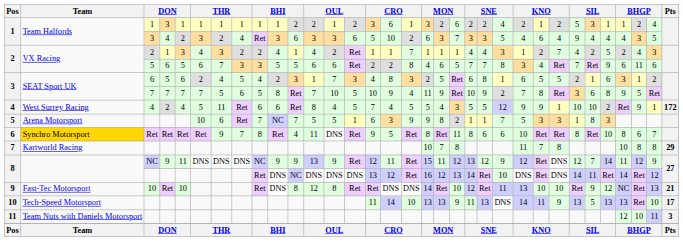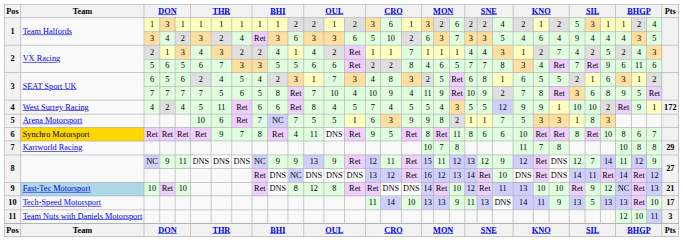 <table class="wikitable" style="font-size: 85%; text-align: center;">
 <tr valign="top">
 <th valign="middle">Pos</th>
 <th valign="middle">Team</th>
 <th colspan="3"><a href='#'>DON</a></th>
 <th colspan="3"><a href='#'>THR</a></th>
 <th colspan="3"><a href='#'>BHI</a></th>
 <th colspan="3"><a href='#'>OUL</a></th>
 <th colspan="3"><a href='#'>CRO</a></th>
 <th colspan="3"><a href='#'>MON</a></th>
 <th colspan="3"><a href='#'>SNE</a></th>
 <th colspan="3"><a href='#'>KNO</a></th>
 <th colspan="3"><a href='#'>SIL</a></th>
 <th colspan="3"><a href='#'>BHGP</a></th>
 <th valign=middle>Pts</th>
 </tr>
 <tr>
 <th rowspan=2>1</th>
 <td rowspan=2 align=left><a href='#'>Team Halfords</a></td>
 <td style="background:#FFFFBF;">1</td>
 <td style="background:#FFDF9F;">3</td>
 <td style="background:#FFFFBF;">1</td>
 <td style="background:#FFFFBF;">1</td>
 <td style="background:#FFFFBF;">1</td>
 <td style="background:#FFFFBF;">1</td>
 <td style="background:#FFFFBF;">1</td>
 <td style="background:#FFFFBF;">1</td>
 <td style="background:#DFDFDF;">2</td>
 <td style="background:#DFDFDF;">2</td>
 <td style="background:#FFFFBF;">1</td>
 <td style="background:#DFDFDF;">2</td>
 <td style="background:#FFDF9F;">3</td>
 <td style="background:#DFFFDF;">6</td>
 <td style="background:#FFFFBF;">1</td>
 <td style="background:#FFDF9F;">3</td>
 <td style="background:#DFDFDF;">2</td>
 <td style="background:#DFFFDF;">6</td>
 <td style="background:#DFDFDF;">2</td>
 <td style="background:#DFDFDF;">2</td>
 <td style="background:#DFFFDF;">4</td>
 <td style="background:#DFDFDF;">2</td>
 <td style="background:#FFFFBF;">1</td>
 <td style="background:#DFDFDF;">2</td>
 <td style="background:#DFFFDF;">5</td>
 <td style="background:#FFDF9F;">3</td>
 <td style="background:#FFFFBF;">1</td>
 <td style="background:#FFFFBF;">1</td>
 <td style="background:#DFDFDF;">2</td>
 <td style="background:#DFFFDF;">4</td>
 <th rowspan=2></th>
 </tr>
 <tr>
 <td style="background:#FFDF9F;">3</td>
 <td style="background:#DFFFDF;">4</td>
 <td style="background:#DFDFDF;">2</td>
 <td style="background:#FFDF9F;">3</td>
 <td style="background:#DFDFDF;">2</td>
 <td style="background:#DFFFDF;">4</td>
 <td style="background:#EFCFFF;">Ret</td>
 <td style="background:#FFDF9F;">3</td>
 <td style="background:#DFFFDF;">6</td>
 <td style="background:#FFDF9F;">3</td>
 <td style="background:#FFDF9F;">3</td>
 <td style="background:#DFFFDF;">6</td>
 <td style="background:#DFFFDF;">5</td>
 <td style="background:#DFFFDF;">10</td>
 <td style="background:#DFDFDF;">2</td>
 <td style="background:#DFFFDF;">6</td>
 <td style="background:#FFDF9F;">3</td>
 <td style="background:#DFFFDF;">7</td>
 <td style="background:#FFDF9F;">3</td>
 <td style="background:#FFDF9F;">3</td>
 <td style="background:#DFFFDF;">5</td>
 <td style="background:#DFFFDF;">4</td>
 <td style="background:#DFFFDF;">6</td>
 <td style="background:#DFFFDF;">4</td>
 <td style="background:#DFFFDF;">9</td>
 <td style="background:#DFFFDF;">4</td>
 <td style="background:#DFFFDF;">4</td>
 <td style="background:#DFFFDF;">4</td>
 <td style="background:#FFDF9F;">3</td>
 <td style="background:#DFFFDF;">5</td>
 </tr>
 <tr>
 <th rowspan=2>2</th>
 <td rowspan=2 align=left><a href='#'>VX Racing</a></td>
 <td style="background:#DFDFDF;">2</td>
 <td style="background:#FFFFBF;">1</td>
 <td style="background:#FFDF9F;">3</td>
 <td style="background:#DFFFDF;">4</td>
 <td style="background:#FFDF9F;">3</td>
 <td style="background:#DFDFDF;">2</td>
 <td style="background:#DFDFDF;">2</td>
 <td style="background:#DFFFDF;">4</td>
 <td style="background:#FFFFBF;">1</td>
 <td style="background:#DFFFDF;">4</td>
 <td style="background:#DFDFDF;">2</td>
 <td style="background:#EFCFFF;">Ret</td>
 <td style="background:#FFFFBF;">1</td>
 <td style="background:#FFFFBF;">1</td>
 <td style="background:#DFFFDF;">7</td>
 <td style="background:#FFFFBF;">1</td>
 <td style="background:#FFFFBF;">1</td>
 <td style="background:#FFFFBF;">1</td>
 <td style="background:#DFFFDF;">4</td>
 <td style="background:#DFFFDF;">4</td>
 <td style="background:#FFDF9F;">3</td>
 <td style="background:#FFFFBF;">1</td>
 <td style="background:#DFDFDF;">2</td>
 <td style="background:#DFFFDF;">7</td>
 <td style="background:#DFFFDF;">4</td>
 <td style="background:#DFDFDF;">2</td>
 <td style="background:#DFFFDF;">5</td>
 <td style="background:#DFDFDF;">2</td>
 <td style="background:#DFFFDF;">4</td>
 <td style="background:#FFDF9F;">3</td>
 <th rowspan=2></th>
 </tr>
 <tr>
 <td style="background:#DFFFDF;">5</td>
 <td style="background:#DFFFDF;">6</td>
 <td style="background:#DFFFDF;">5</td>
 <td style="background:#DFFFDF;">6</td>
 <td style="background:#DFFFDF;">7</td>
 <td style="background:#FFDF9F;">3</td>
 <td style="background:#FFDF9F;">3</td>
 <td style="background:#DFFFDF;">5</td>
 <td style="background:#DFFFDF;">5</td>
 <td style="background:#DFFFDF;">6</td>
 <td style="background:#DFFFDF;">6</td>
 <td style="background:#EFCFFF;">Ret</td>
 <td style="background:#DFDFDF;">2</td>
 <td style="background:#DFDFDF;">2</td>
 <td style="background:#DFFFDF;">8</td>
 <td style="background:#DFFFDF;">4</td>
 <td style="background:#DFFFDF;">6</td>
 <td style="background:#DFFFDF;">5</td>
 <td style="background:#DFFFDF;">7</td>
 <td style="background:#DFFFDF;">7</td>
 <td style="background:#DFFFDF;">8</td>
 <td style="background:#FFDF9F;">3</td>
 <td style="background:#DFFFDF;">4</td>
 <td style="background:#EFCFFF;">Ret</td>
 <td style="background:#DFFFDF;">7</td>
 <td style="background:#EFCFFF;">Ret</td>
 <td style="background:#DFFFDF;">9</td>
 <td style="background:#DFFFDF;">6</td>
 <td style="background:#DFFFDF;">11</td>
 <td style="background:#DFFFDF;">6</td>
 </tr>
 <tr>
 <th rowspan=2>3</th>
 <td rowspan=2 align=left><a href='#'>SEAT Sport UK</a></td>
 <td style="background:#DFFFDF;">6</td>
 <td style="background:#DFFFDF;">5</td>
 <td style="background:#DFFFDF;">6</td>
 <td style="background:#DFDFDF;">2</td>
 <td style="background:#DFFFDF;">4</td>
 <td style="background:#DFFFDF;">5</td>
 <td style="background:#DFFFDF;">4</td>
 <td style="background:#DFDFDF;">2</td>
 <td style="background:#FFDF9F;">3</td>
 <td style="background:#FFFFBF;">1</td>
 <td style="background:#DFFFDF;">7</td>
 <td style="background:#FFDF9F;">3</td>
 <td style="background:#DFFFDF;">4</td>
 <td style="background:#DFFFDF;">8</td>
 <td style="background:#FFDF9F;">3</td>
 <td style="background:#DFDFDF;">2</td>
 <td style="background:#DFFFDF;">5</td>
 <td style="background:#EFCFFF;">Ret</td>
 <td style="background:#DFFFDF;">6</td>
 <td style="background:#DFFFDF;">8</td>
 <td style="background:#FFFFBF;">1</td>
 <td style="background:#DFFFDF;">6</td>
 <td style="background:#DFFFDF;">5</td>
 <td style="background:#DFFFDF;">5</td>
 <td style="background:#DFDFDF;">2</td>
 <td style="background:#FFFFBF;">1</td>
 <td style="background:#DFFFDF;">6</td>
 <td style="background:#FFDF9F;">3</td>
 <td style="background:#FFFFBF;">1</td>
 <td style="background:#DFDFDF;">2</td>
 <th rowspan=2></th>
 </tr>
 <tr>
 <td style="background:#DFFFDF;">7</td>
 <td style="background:#DFFFDF;">7</td>
 <td style="background:#DFFFDF;">7</td>
 <td style="background:#DFFFDF;">7</td>
 <td style="background:#DFFFDF;">5</td>
 <td style="background:#DFFFDF;">6</td>
 <td style="background:#DFFFDF;">5</td>
 <td style="background:#DFFFDF;">8</td>
 <td style="background:#EFCFFF;">Ret</td>
 <td style="background:#DFFFDF;">7</td>
 <td style="background:#DFFFDF;">10</td>
-<td style="background:#DFFFDF;">5</td>
+<td style="background:#DFFFDF;">4</td>
 <td style="background:#DFFFDF;">10</td>
 <td style="background:#DFFFDF;">9</td>
 <td style="background:#DFFFDF;">4</td>
 <td style="background:#DFFFDF;">11</td>
 <td style="background:#DFFFDF;">9</td>
 <td style="background:#EFCFFF;">Ret</td>
 <td style="background:#DFFFDF;">10</td>
 <td style="background:#DFFFDF;">9</td>
 <td style="background:#DFDFDF;">2</td>
 <td style="background:#DFFFDF;">7</td>
 <td style="background:#DFFFDF;">8</td>
 <td style="background:#EFCFFF;">Ret</td>
 <td style="background:#FFDF9F;">3</td>
 <td style="background:#DFFFDF;">6</td>
 <td style="background:#DFFFDF;">8</td>
 <td style="background:#DFFFDF;">9</td>
 <td style="background:#DFFFDF;">5</td>
 <td style="background:#EFCFFF;">Ret</td>
 </tr>
 <tr>
 <th>4</th>
 <td align=left><a href='#'>West Surrey Racing</a></td>
 <td style="background:#DFFFDF;">4</td>
 <td style="background:#DFDFDF;">2</td>
 <td style="background:#DFFFDF;">4</td>
 <td style="background:#DFFFDF;">5</td>
 <td style="background:#DFFFDF;">11</td>
 <td style="background:#EFCFFF;">Ret</td>
 <td style="background:#DFFFDF;">6</td>
 <td style="background:#DFFFDF;">6</td>
 <td style="background:#EFCFFF;">Ret</td>
 <td style="background:#DFFFDF;">8</td>
 <td style="background:#DFFFDF;">4</td>
 <td style="background:#DFFFDF;">5</td>
 <td style="background:#DFFFDF;">7</td>
 <td style="background:#DFFFDF;">4</td>
 <td style="background:#DFFFDF;">5</td>
 <td style="background:#DFFFDF;">5</td>
 <td style="background:#DFFFDF;">4</td>
 <td style="background:#FFDF9F;">3</td>
 <td style="background:#DFFFDF;">5</td>
 <td style="background:#DFFFDF;">5</td>
 <td style="background:#CFCFFF;">12</td>
 <td style="background:#DFFFDF;">9</td>
 <td style="background:#DFFFDF;">9</td>
 <td style="background:#FFFFBF;">1</td>
 <td style="background:#DFFFDF;">10</td>
 <td style="background:#DFFFDF;">10</td>
 <td style="background:#DFDFDF;">2</td>
 <td style="background:#EFCFFF;">Ret</td>
 <td style="background:#DFFFDF;">9</td>
 <td style="background:#FFFFBF;">1</td>
 <th>172</th>
 </tr>
 <tr>
 <th>5</th>
 <td align=left><a href='#'>Arena Motorsport</a></td>
 <td></td>
 <td></td>
 <td></td>
 <td style="background:#DFFFDF;">10</td>
 <td style="background:#DFFFDF;">6</td>
 <td style="background:#EFCFFF;">Ret</td>
 <td style="background:#DFFFDF;">7</td>
 <td style="background:#CFCFFF;">NC</td>
 <td style="background:#DFFFDF;">7</td>
 <td style="background:#DFFFDF;">5</td>
 <td style="background:#DFFFDF;">5</td>
 <td style="background:#FFFFBF;">1</td>
 <td style="background:#DFFFDF;">6</td>
 <td style="background:#FFDF9F;">3</td>
 <td style="background:#DFFFDF;">9</td>
 <td style="background:#DFFFDF;">9</td>
 <td style="background:#DFFFDF;">8</td>
 <td style="background:#DFDFDF;">2</td>
 <td style="background:#FFFFBF;">1</td>
 <td style="background:#FFFFBF;">1</td>
 <td style="background:#DFFFDF;">7</td>
 <td style="background:#DFFFDF;">5</td>
 <td style="background:#FFDF9F;">3</td>
 <td style="background:#FFDF9F;">3</td>
 <td style="background:#FFFFBF;">1</td>
 <td style="background:#DFFFDF;">8</td>
 <td style="background:#FFDF9F;">3</td>
 <td></td>
 <td></td>
 <td></td>
 <th></th>
 </tr>
 <tr>
 <th>6</th>
 <td align=left style="background: gold;">Synchro Motorsport</td>
 <td style="background:#EFCFFF;">Ret</td>
 <td style="background:#EFCFFF;">Ret</td>
 <td style="background:#EFCFFF;">Ret</td>
 <td style="background:#EFCFFF;">Ret</td>
 <td style="background:#DFFFDF;">9</td>
 <td style="background:#DFFFDF;">7</td>
 <td style="background:#DFFFDF;">8</td>
 <td style="background:#EFCFFF;">Ret</td>
 <td style="background:#DFFFDF;">4</td>
 <td style="background:#DFFFDF;">11</td>
 <td style="background:#ffffff;">DNS</td>
 <td style="background:#EFCFFF;">Ret</td>
 <td style="background:#DFFFDF;">9</td>
 <td style="background:#DFFFDF;">5</td>
 <td style="background:#EFCFFF;">Ret</td>
 <td style="background:#DFFFDF;">8</td>
 <td style="background:#EFCFFF;">Ret</td>
 <td style="background:#DFFFDF;">11</td>
 <td style="background:#DFFFDF;">8</td>
 <td style="background:#DFFFDF;">6</td>
 <td style="background:#DFFFDF;">6</td>
 <td style="background:#DFFFDF;">10</td>
 <td style="background:#EFCFFF;">Ret</td>
 <td style="background:#EFCFFF;">Ret</td>
 <td style="background:#DFFFDF;">8</td>
 <td style="background:#EFCFFF;">Ret</td>
 <td style="background:#DFFFDF;">10</td>
 <td style="background:#DFFFDF;">8</td>
 <td style="background:#DFFFDF;">6</td>
 <td style="background:#DFFFDF;">7</td>
 <th></th>
 </tr>
 <tr>
 <th>7</th>
 <td align=left><a href='#'>Kartworld Racing</a></td>
 <td></td>
 <td></td>
 <td></td>
 <td></td>
 <td></td>
 <td></td>
 <td></td>
 <td></td>
 <td></td>
 <td></td>
 <td></td>
 <td></td>
 <td></td>
 <td></td>
 <td></td>
 <td style="background:#DFFFDF;">10</td>
 <td style="background:#DFFFDF;">7</td>
 <td style="background:#DFFFDF;">8</td>
 <td></td>
 <td></td>
 <td></td>
 <td style="background:#DFFFDF;">11</td>
 <td style="background:#DFFFDF;">7</td>
 <td style="background:#DFFFDF;">8</td>
 <td></td>
 <td></td>
 <td></td>
 <td style="background:#DFFFDF;">10</td>
 <td style="background:#DFFFDF;">8</td>
 <td style="background:#DFFFDF;">8</td>
 <th>29</th>
 </tr>
 <tr>
 <th rowspan=2>8</th>
 <td rowspan=2 align=left nowrap></td>
 <td style="background:#CFCFFF;">NC</td>
 <td style="background:#DFFFDF;">9</td>
 <td style="background:#DFFFDF;">11</td>
 <td style="background:#ffffff;">DNS</td>
 <td style="background:#ffffff;">DNS</td>
 <td style="background:#ffffff;">DNS</td>
 <td style="background:#CFCFFF;">NC</td>
 <td style="background:#DFFFDF;">9</td>
 <td style="background:#DFFFDF;">9</td>
 <td style="background:#CFCFFF;">13</td>
 <td style="background:#DFFFDF;">9</td>
 <td style="background:#EFCFFF;">Ret</td>
 <td style="background:#CFCFFF;">12</td>
 <td style="background:#DFFFDF;">11</td>
 <td style="background:#EFCFFF;">Ret</td>
 <td style="background:#CFCFFF;">15</td>
 <td style="background:#DFFFDF;">11</td>
 <td style="background:#CFCFFF;">12</td>
 <td style="background:#CFCFFF;">13</td>
 <td style="background:#DFFFDF;">12</td>
 <td style="background:#DFFFDF;">9</td>
 <td style="background:#CFCFFF;">12</td>
 <td style="background:#EFCFFF;">Ret</td>
 <td style="background:#ffffff;">DNS</td>
 <td style="background:#DFFFDF;">12</td>
 <td style="background:#DFFFDF;">7</td>
 <td style="background:#CFCFFF;">14</td>
 <td style="background:#DFFFDF;">11</td>
 <td style="background:#CFCFFF;">12</td>
 <td style="background:#DFFFDF;">9</td>
 <th rowspan=2>27</th>
 </tr>
 <tr>
 <td></td>
 <td></td>
 <td></td>
 <td></td>
 <td></td>
 <td></td>
 <td style="background:#EFCFFF;">Ret</td>
 <td style="background:#ffffff;">DNS</td>
 <td style="background:#CFCFFF;">NC</td>
 <td style="background:#ffffff;">DNS</td>
 <td style="background:#ffffff;">DNS</td>
 <td style="background:#ffffff;">DNS</td>
 <td style="background:#CFCFFF;">13</td>
 <td style="background:#CFCFFF;">12</td>
 <td style="background:#EFCFFF;">Ret</td>
 <td style="background:#CFCFFF;">16</td>
 <td style="background:#CFCFFF;">12</td>
 <td style="background:#CFCFFF;">13</td>
 <td style="background:#CFCFFF;">14</td>
 <td style="background:#EFCFFF;">Ret</td>
 <td style="background:#DFFFDF;">10</td>
 <td style="background:#ffffff;">DNS</td>
 <td style="background:#EFCFFF;">Ret</td>
 <td style="background:#ffffff;">DNS</td>
 <td style="background:#CFCFFF;">14</td>
 <td style="background:#CFCFFF;">11</td>
 <td style="background:#EFCFFF;">Ret</td>
 <td style="background:#CFCFFF;">14</td>
 <td style="background:#EFCFFF;">Ret</td>
 <td style="background:#CFCFFF;">12</td>
 </tr>
 <tr>
 <th>9</th>
-<td align=left><a href='#'>Fast-Tec Motorsport</a></td>
+<td align=left style="background: lightblue;"><a href='#'>Fast-Tec Motorsport</a></td>
 <td style="background:#DFFFDF;">10</td>
 <td style="background:#EFCFFF;">Ret</td>
 <td style="background:#DFFFDF;">10</td>
 <td></td>
 <td></td>
 <td></td>
 <td style="background:#EFCFFF;">Ret</td>
 <td style="background:#ffffff;">DNS</td>
 <td style="background:#DFFFDF;">8</td>
 <td style="background:#DFFFDF;">12</td>
 <td style="background:#DFFFDF;">8</td>
 <td style="background:#EFCFFF;">Ret</td>
 <td style="background:#EFCFFF;">Ret</td>
 <td style="background:#ffffff;">DNS</td>
 <td style="background:#ffffff;">DNS</td>
 <td style="background:#CFCFFF;">14</td>
 <td style="background:#EFCFFF;">Ret</td>
 <td style="background:#DFFFDF;">10</td>
 <td style="background:#CFCFFF;">12</td>
 <td style="background:#EFCFFF;">Ret</td>
 <td style="background:#CFCFFF;">11</td>
 <td style="background:#CFCFFF;">13</td>
 <td style="background:#DFFFDF;">10</td>
 <td style="background:#DFFFDF;">10</td>
 <td style="background:#EFCFFF;">Ret</td>
 <td style="background:#DFFFDF;">9</td>
 <td style="background:#DFFFDF;">12</td>
 <td style="background:#CFCFFF;">NC</td>
 <td style="background:#EFCFFF;">Ret</td>
 <td style="background:#CFCFFF;">13</td>
 <th>21</th>
 </tr>
 <tr>
 <th>10</th>
 <td align=left><a href='#'>Tech-Speed Motorsport</a></td>
 <td></td>
 <td></td>
 <td></td>
 <td></td>
 <td></td>
 <td></td>
 <td></td>
 <td></td>
 <td></td>
 <td></td>
 <td></td>
 <td></td>
 <td style="background:#DFFFDF;">11</td>
 <td style="background:#CFCFFF;">14</td>
 <td style="background:#DFFFDF;">10</td>
 <td style="background:#CFCFFF;">13</td>
 <td style="background:#CFCFFF;">13</td>
 <td style="background:#DFFFDF;">9</td>
 <td style="background:#DFFFDF;">11</td>
 <td style="background:#CFCFFF;">13</td>
 <td style="background:#ffffff;">DNS</td>
 <td style="background:#CFCFFF;">14</td>
 <td style="background:#CFCFFF;">11</td>
 <td style="background:#DFFFDF;">9</td>
 <td style="background:#CFCFFF;">13</td>
 <td style="background:#DFFFDF;">5</td>
 <td style="background:#CFCFFF;">13</td>
 <td style="background:#CFCFFF;">13</td>
 <td style="background:#EFCFFF;">Ret</td>
 <td style="background:#DFFFDF;">10</td>
 <th>17</th>
 </tr>
 <tr>
 <th>11</th>
 <td align=left nowrap><a href='#'>Team Nuts with Daniels Motorsport</a></td>
 <td></td>
 <td></td>
 <td></td>
 <td></td>
 <td></td>
 <td></td>
 <td></td>
 <td></td>
 <td></td>
 <td></td>
 <td></td>
 <td></td>
 <td></td>
 <td></td>
 <td></td>
 <td></td>
 <td></td>
 <td></td>
 <td></td>
 <td></td>
 <td></td>
 <td></td>
 <td></td>
 <td></td>
 <td></td>
 <td></td>
 <td></td>
 <td style="background:#DFFFDF;">12</td>
 <td style="background:#DFFFDF;">10</td>
 <td style="background:#CFCFFF;">11</td>
 <th>3</th>
 </tr>
 <tr style="background: #f9f9f9;" valign="top">
 </tr>
 <tr valign="top">
 <th valign="middle">Pos</th>
 <th valign="middle">Team</th>
 <th colspan="3"><a href='#'>DON</a></th>
 <th colspan="3"><a href='#'>THR</a></th>
 <th colspan="3"><a href='#'>BHI</a></th>
 <th colspan="3"><a href='#'>OUL</a></th>
 <th colspan="3"><a href='#'>CRO</a></th>
 <th colspan="3"><a href='#'>MON</a></th>
 <th colspan="3"><a href='#'>SNE</a></th>
 <th colspan="3"><a href='#'>KNO</a></th>
 <th colspan="3"><a href='#'>SIL</a></th>
 <th colspan="3"><a href='#'>BHGP</a></th>
 <th valign=middle>Pts</th>
 </tr>
 </table>
